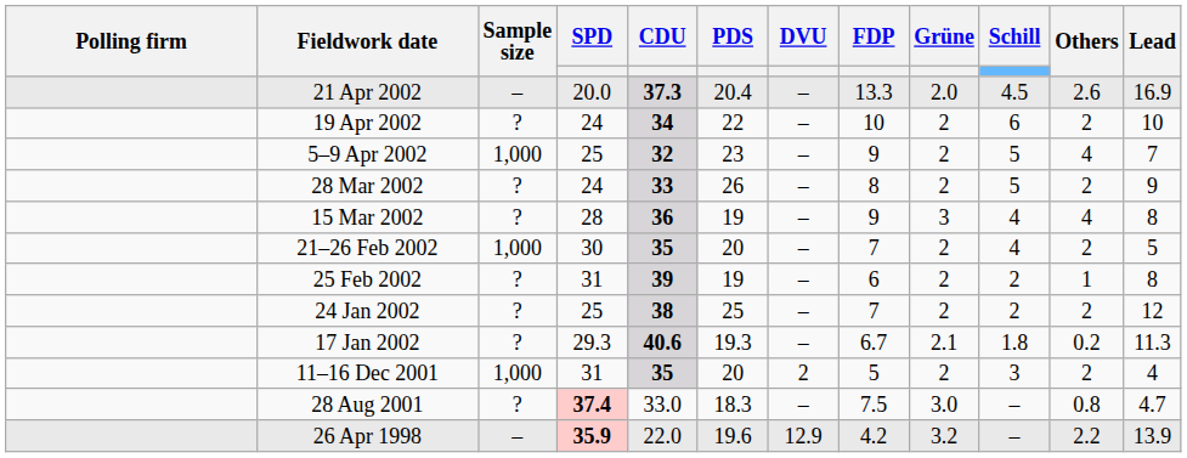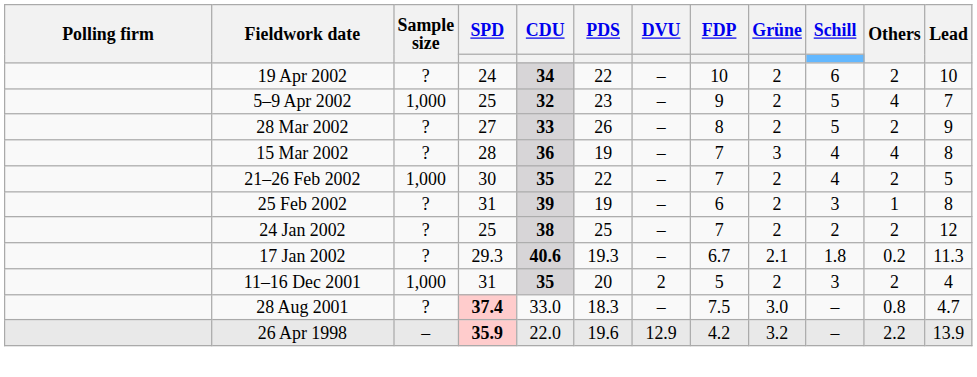 <table class="wikitable sortable" style="text-align:center;font-size:90%;line-height:14px;">
 <tr style="height:40px;">
 <th style="width:160px;" rowspan="2">Polling firm</th>
 <th style="width:140px;" rowspan="2">Fieldwork date</th>
 <th style="width:35px;" rowspan="2">Sample<br>size</th>
 <th class="unsortable" style="width:40px;"><a href='#'>SPD</a></th>
 <th class="unsortable" style="width:40px;"><a href='#'>CDU</a></th>
 <th class="unsortable" style="width:40px;"><a href='#'>PDS</a></th>
 <th class="unsortable" style="width:40px;"><a href='#'>DVU</a></th>
 <th class="unsortable" style="width:40px;"><a href='#'>FDP</a></th>
 <th class="unsortable" style="width:40px;"><a href='#'>Grüne</a></th>
 <th class="unsortable" style="width:40px;"><a href='#'>Schill</a></th>
 <th class="unsortable" style="width:40px;" rowspan="2">Others</th>
 <th style="width:30px;" rowspan="2">Lead</th>
 </tr>
 <tr>
 <th style="background:"></th>
 <th style="background:"></th>
 <th style="background:"></th>
 <th style="background:"></th>
 <th style="background:"></th>
 <th style="background:"></th>
 <th style="background:#63B8FF;"></th>
-</tr>
-<tr style="background:#E9E9E9;">
-<td></td>
-<td data-sort-value="2002-04-21">21 Apr 2002</td>
-<td>–</td>
-<td>20.0</td>
-<td style="background:#D7D5D7;"><strong>37.3</strong></td>
-<td>20.4</td>
-<td>–</td>
-<td>13.3</td>
-<td>2.0</td>
-<td>4.5</td>
-<td>2.6</td>
-<td style="background:">16.9</td>
 </tr>
 <tr>
 <td></td>
 <td data-sort-value="2002-04-19">19 Apr 2002</td>
 <td>?</td>
 <td>24</td>
 <td style="background:#D7D5D7;"><strong>34</strong></td>
 <td>22</td>
 <td>–</td>
 <td>10</td>
 <td>2</td>
 <td>6</td>
 <td>2</td>
 <td style="background:">10</td>
 </tr>
 <tr>
 <td></td>
 <td data-sort-value="2002-04-11">5–9 Apr 2002</td>
 <td>1,000</td>
 <td>25</td>
 <td style="background:#D7D5D7;"><strong>32</strong></td>
 <td>23</td>
 <td>–</td>
 <td>9</td>
 <td>2</td>
 <td>5</td>
 <td>4</td>
 <td style="background:">7</td>
 </tr>
 <tr>
 <td></td>
 <td data-sort-value="2002-03-28">28 Mar 2002</td>
 <td>?</td>
-<td>24</td>
+<td>27</td>
 <td style="background:#D7D5D7;"><strong>33</strong></td>
 <td>26</td>
 <td>–</td>
 <td>8</td>
 <td>2</td>
 <td>5</td>
 <td>2</td>
 <td style="background:">9</td>
 </tr>
 <tr>
 <td></td>
 <td data-sort-value="2002-03-15">15 Mar 2002</td>
 <td>?</td>
 <td>28</td>
 <td style="background:#D7D5D7;"><strong>36</strong></td>
 <td>19</td>
 <td>–</td>
-<td>9</td>
+<td>7</td>
 <td>3</td>
 <td>4</td>
 <td>4</td>
 <td style="background:">8</td>
 </tr>
 <tr>
 <td></td>
 <td data-sort-value="2002-02-28">21–26 Feb 2002</td>
 <td>1,000</td>
 <td>30</td>
 <td style="background:#D7D5D7;"><strong>35</strong></td>
-<td>20</td>
+<td>22</td>
 <td>–</td>
 <td>7</td>
 <td>2</td>
 <td>4</td>
 <td>2</td>
 <td style="background:">5</td>
 </tr>
 <tr>
 <td></td>
 <td data-sort-value="2002-02-25">25 Feb 2002</td>
 <td>?</td>
 <td>31</td>
 <td style="background:#D7D5D7;"><strong>39</strong></td>
 <td>19</td>
 <td>–</td>
 <td>6</td>
 <td>2</td>
-<td>2</td>
+<td>3</td>
 <td>1</td>
 <td style="background:">8</td>
 </tr>
 <tr>
 <td></td>
 <td data-sort-value="2002-01-24">24 Jan 2002</td>
 <td>?</td>
 <td>25</td>
 <td style="background:#D7D5D7;"><strong>38</strong></td>
 <td>25</td>
 <td>–</td>
 <td>7</td>
 <td>2</td>
 <td>2</td>
 <td>2</td>
 <td style="background:">12</td>
 </tr>
 <tr>
 <td></td>
 <td data-sort-value="2002-01-17">17 Jan 2002</td>
 <td>?</td>
 <td>29.3</td>
 <td style="background:#D7D5D7;"><strong>40.6</strong></td>
 <td>19.3</td>
 <td>–</td>
 <td>6.7</td>
 <td>2.1</td>
 <td>1.8</td>
 <td>0.2</td>
 <td style="background:">11.3</td>
 </tr>
 <tr>
 <td></td>
 <td data-sort-value="2001-12-18">11–16 Dec 2001</td>
 <td>1,000</td>
 <td>31</td>
 <td style="background:#D7D5D7;"><strong>35</strong></td>
 <td>20</td>
 <td>2</td>
 <td>5</td>
 <td>2</td>
 <td>3</td>
 <td>2</td>
 <td style="background:">4</td>
 </tr>
 <tr>
 <td></td>
 <td data-sort-value="2001-08-28">28 Aug 2001</td>
 <td>?</td>
 <td style="background:#FFCCCC;"><strong>37.4</strong></td>
 <td>33.0</td>
 <td>18.3</td>
 <td>–</td>
 <td>7.5</td>
 <td>3.0</td>
 <td>–</td>
 <td>0.8</td>
 <td style="background:">4.7</td>
 </tr>
 <tr style="background:#E9E9E9;">
 <td></td>
 <td data-sort-value="1998-04-26">26 Apr 1998</td>
 <td>–</td>
 <td style="background:#FFCCCC;"><strong>35.9</strong></td>
 <td>22.0</td>
 <td>19.6</td>
 <td>12.9</td>
 <td>4.2</td>
 <td>3.2</td>
 <td>–</td>
 <td>2.2</td>
 <td style="background:">13.9</td>
 </tr>
 </table>
